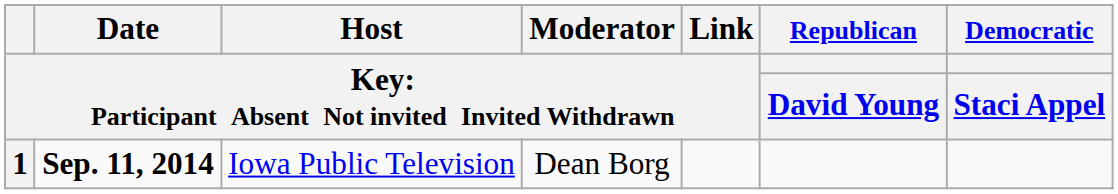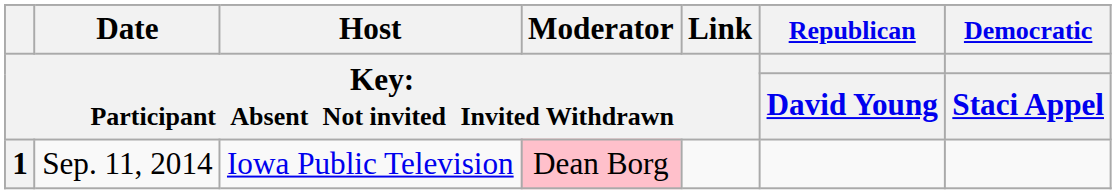 <table class="wikitable" style="text-align:center;">
 <tr>
 <th scope="col"></th>
 <th scope="col">Date</th>
 <th scope="col">Host</th>
 <th scope="col">Moderator</th>
 <th scope="col">Link</th>
 <th scope="col"><small><a href='#'>Republican</a></small></th>
 <th scope="col"><small><a href='#'>Democratic</a></small></th>
 </tr>
 <tr>
 <th colspan="5" rowspan="2">Key:<br> <small>Participant </small>  <small>Absent </small>  <small>Not invited </small>  <small>Invited  Withdrawn</small></th>
 <th scope="col" style="background:"></th>
 <th scope="col" style="background:"></th>
 </tr>
 <tr>
 <th scope="col"><a href='#'>David Young</a></th>
 <th scope="col"><a href='#'>Staci Appel</a></th>
 </tr>
 <tr>
 <th>1</th>
-<td style="white-space:nowrap;"><strong>Sep. 11, 2014</strong></td>
+<td style="white-space:nowrap;">Sep. 11, 2014</td>
 <td style="white-space:nowrap;"><a href='#'>Iowa Public Television</a></td>
-<td style="white-space:nowrap;">Dean Borg</td>
+<td style="background: pink; white-space:nowrap;">Dean Borg</td>
 <td style="white-space:nowrap;"></td>
 <td></td>
 <td></td>
 </tr>
 </table>
